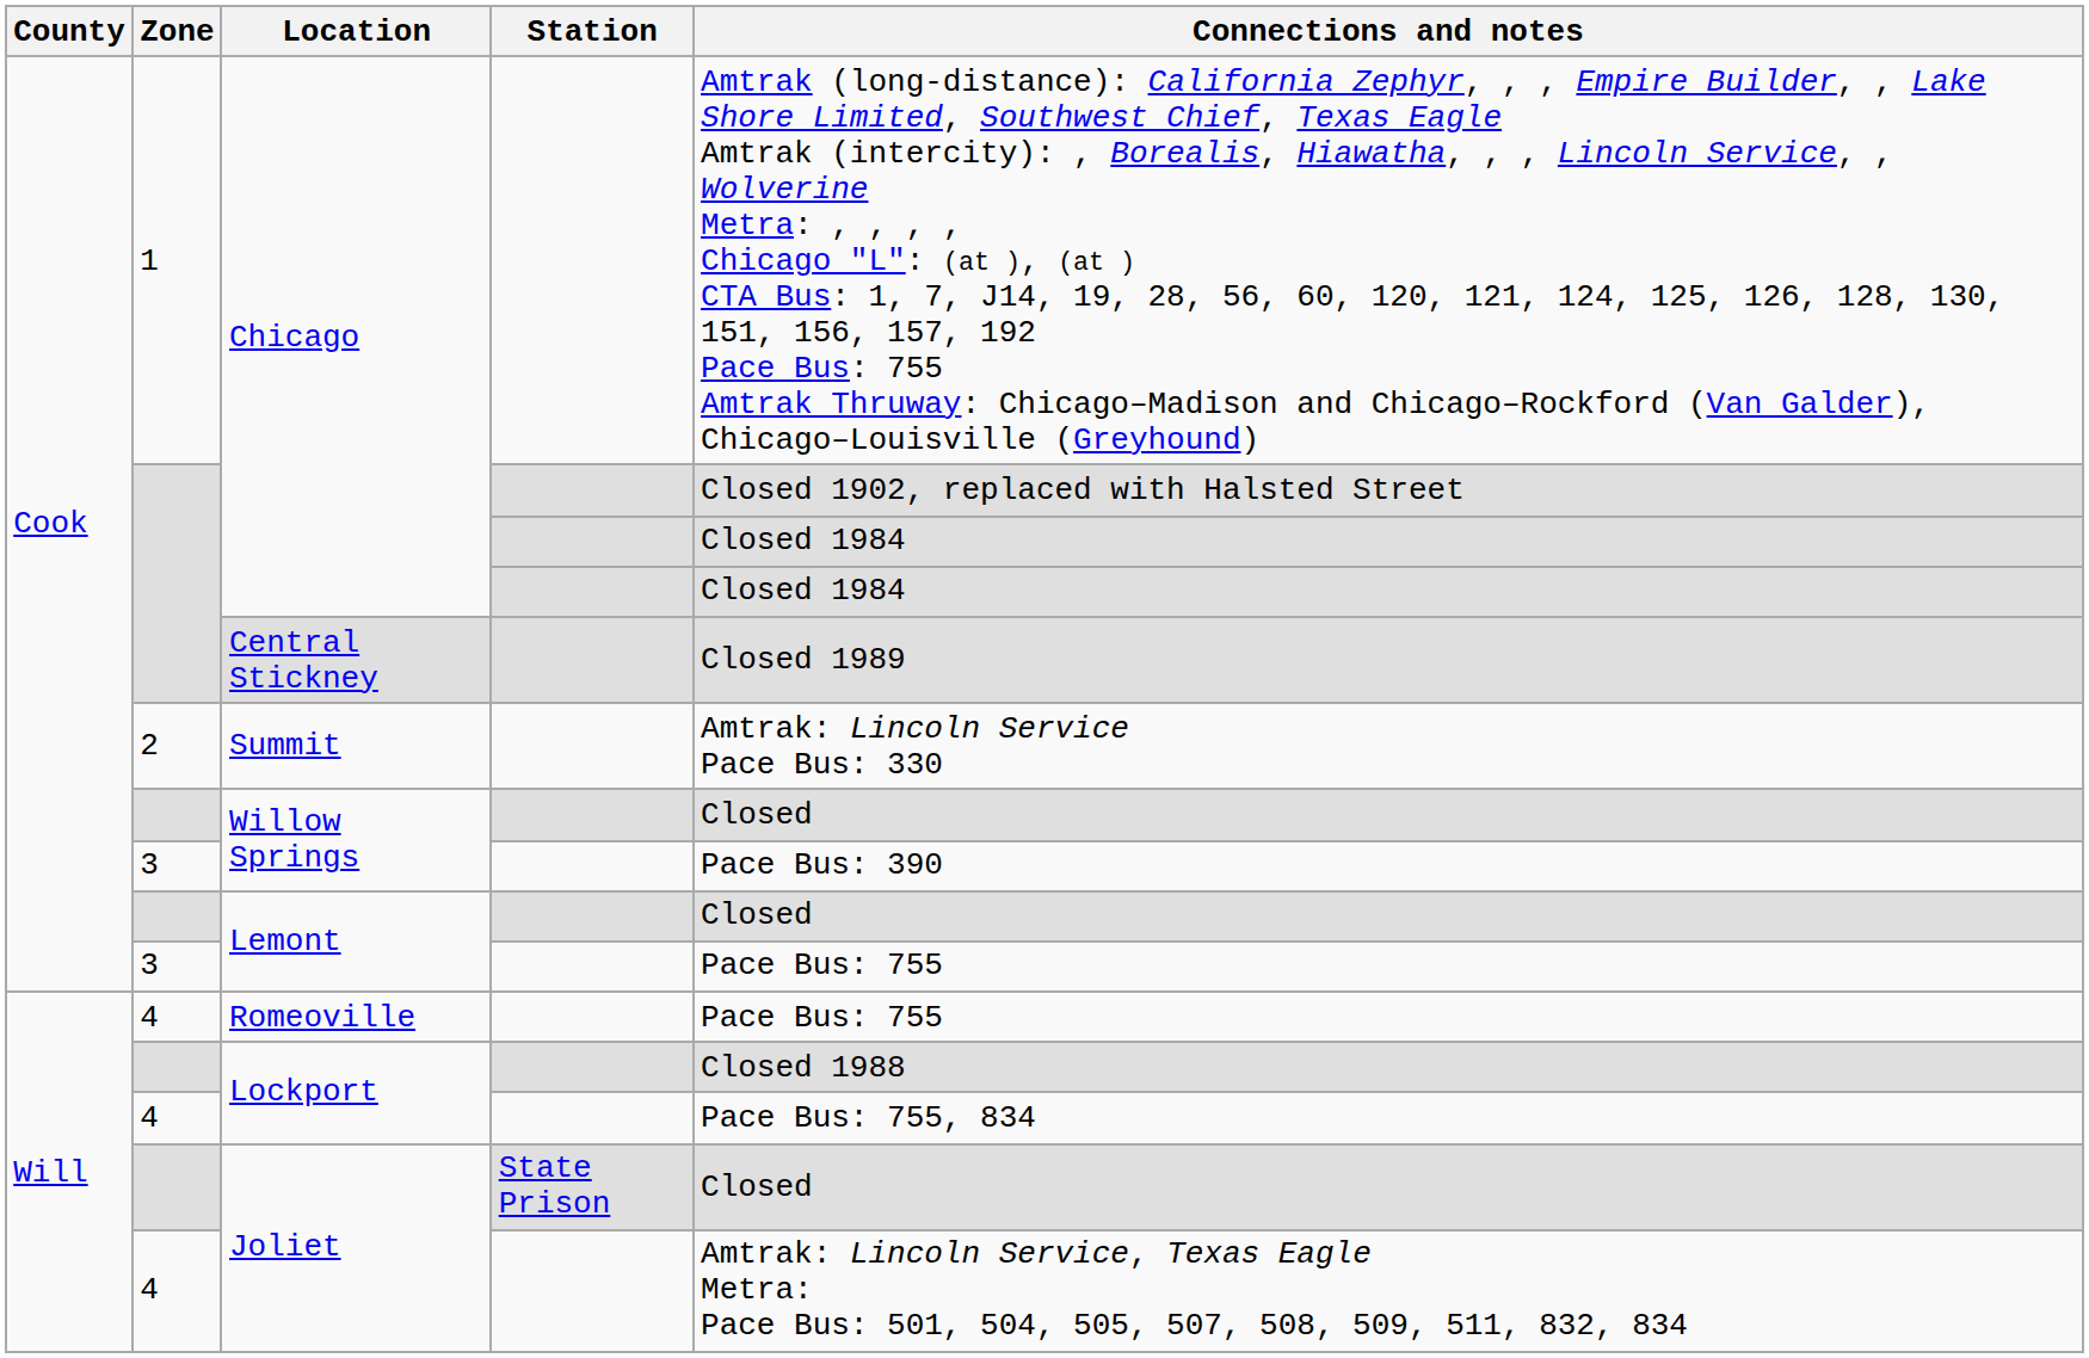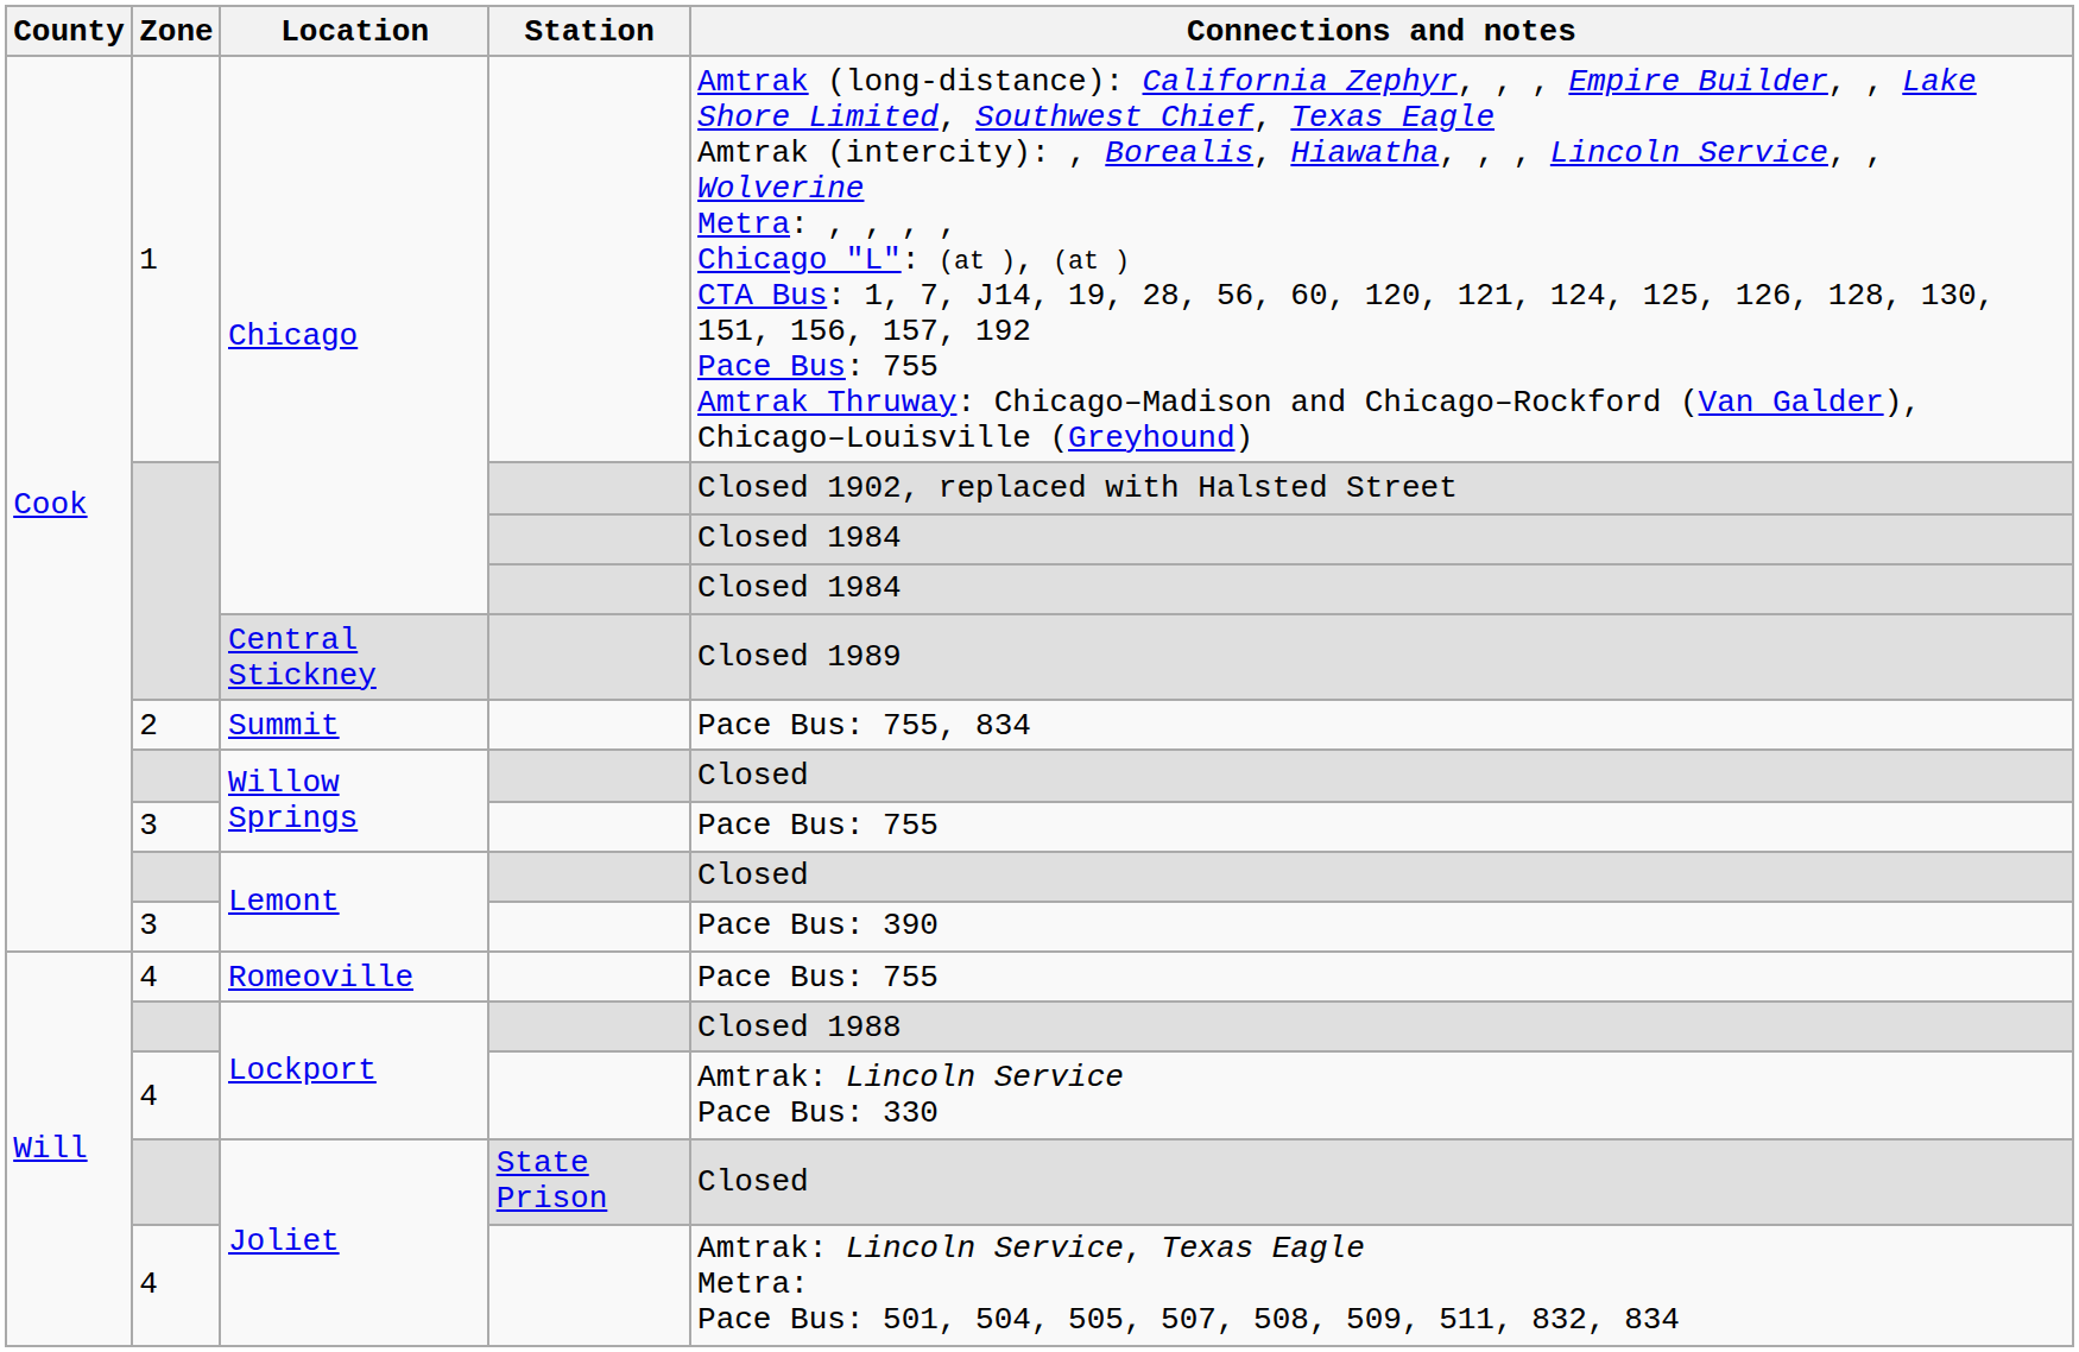 <table class="wikitable">
 <tr>
 <th>County</th>
 <th>Zone</th>
 <th>Location</th>
 <th>Station</th>
 <th>Connections and notes</th>
 </tr>
 <tr>
 <td rowspan=10><a href='#'>Cook</a></td>
 <td>1</td>
 <td rowspan=4><a href='#'>Chicago</a></td>
 <td></td>
 <td> <a href='#'>Amtrak</a> (long-distance): <em><a href='#'>California Zephyr</a></em>, , , <em><a href='#'>Empire Builder</a></em>, , <em><a href='#'>Lake Shore Limited</a></em>, <em><a href='#'>Southwest Chief</a></em>, <em><a href='#'>Texas Eagle</a></em><br> Amtrak (intercity): , <em><a href='#'>Borealis</a></em>, <em><a href='#'>Hiawatha</a></em>, , , <em><a href='#'>Lincoln Service</a></em>, , <em><a href='#'>Wolverine</a></em><br> <a href='#'>Metra</a>: , , , , <br> <a href='#'>Chicago "L"</a>:  <small>(at )</small>,     <small>(at )</small><br> <a href='#'>CTA Bus</a>: 1, 7, J14, 19, 28, 56, 60, 120, 121, 124, 125, 126, 128, 130, 151, 156, 157, 192<br> <a href='#'>Pace Bus</a>: 755<br> <a href='#'>Amtrak Thruway</a>: Chicago–Madison and Chicago–Rockford (<a href='#'>Van Galder</a>), Chicago–Louisville (<a href='#'>Greyhound</a>)</td>
 </tr>
 <tr bgcolor=#dfdfdf>
 <td rowspan=4> </td>
 <td></td>
 <td>Closed 1902, replaced with Halsted Street</td>
 </tr>
 <tr bgcolor=#dfdfdf>
 <td></td>
 <td>Closed 1984</td>
 </tr>
 <tr bgcolor=#dfdfdf>
 <td></td>
 <td>Closed 1984</td>
 </tr>
 <tr bgcolor=#dfdfdf>
 <td><a href='#'>Central Stickney</a></td>
 <td></td>
 <td>Closed 1989</td>
 </tr>
 <tr>
 <td>2</td>
 <td><a href='#'>Summit</a></td>
 <td></td>
-<td> Amtrak: <em>Lincoln Service</em><br> Pace Bus: 330</td>
+<td> Pace Bus: 755, 834</td>
 </tr>
 <tr>
 <td bgcolor=#dfdfdf> </td>
 <td rowspan="2"><a href='#'>Willow Springs</a></td>
 <td bgcolor=#dfdfdf></td>
 <td bgcolor=#dfdfdf>Closed</td>
 </tr>
 <tr>
 <td>3</td>
 <td></td>
-<td> Pace Bus: 390</td>
+<td> Pace Bus: 755</td>
 </tr>
 <tr>
 <td bgcolor=#dfdfdf> </td>
 <td rowspan="2"><a href='#'>Lemont</a></td>
 <td bgcolor=#dfdfdf></td>
 <td bgcolor=#dfdfdf>Closed</td>
 </tr>
 <tr>
 <td>3</td>
 <td></td>
-<td> Pace Bus: 755</td>
+<td> Pace Bus: 390</td>
 </tr>
 <tr>
 <td rowspan=5><a href='#'>Will</a></td>
 <td>4</td>
 <td><a href='#'>Romeoville</a></td>
 <td></td>
 <td> Pace Bus: 755</td>
 </tr>
 <tr>
 <td bgcolor=#dfdfdf> </td>
 <td rowspan=2><a href='#'>Lockport</a></td>
 <td bgcolor=#dfdfdf></td>
 <td bgcolor=#dfdfdf>Closed 1988</td>
 </tr>
 <tr>
 <td>4</td>
 <td></td>
-<td> Pace Bus: 755, 834</td>
+<td> Amtrak: <em>Lincoln Service</em><br> Pace Bus: 330</td>
 </tr>
 <tr>
 <td bgcolor=#dfdfdf> </td>
 <td rowspan=2><a href='#'>Joliet</a></td>
 <td bgcolor=#dfdfdf><a href='#'>State Prison</a></td>
 <td bgcolor=#dfdfdf>Closed</td>
 </tr>
 <tr>
 <td>4</td>
 <td></td>
 <td> Amtrak: <em>Lincoln Service</em>, <em>Texas Eagle</em><br> Metra: <br> Pace Bus: 501, 504, 505, 507, 508, 509, 511, 832, 834</td>
 </tr>
 </table>
